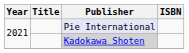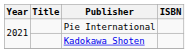 <table class="wikitable">
 <tr>
 <th>Year</th>
 <th>Title</th>
 <th>Publisher</th>
 <th>ISBN</th>
 </tr>
 <tr>
 <td rowspan="2">2021</td>
 <td> </td>
-<td style="background: lavender;">Pie International</td>
+<td>Pie International</td>
 <td></td>
 </tr>
 <tr>
 <td> </td>
-<td style="background: lightgrey;"><a href='#'>Kadokawa Shoten</a></td>
+<td><a href='#'>Kadokawa Shoten</a></td>
 <td></td>
 </tr>
 <tr>
 </tr>
 </table>
